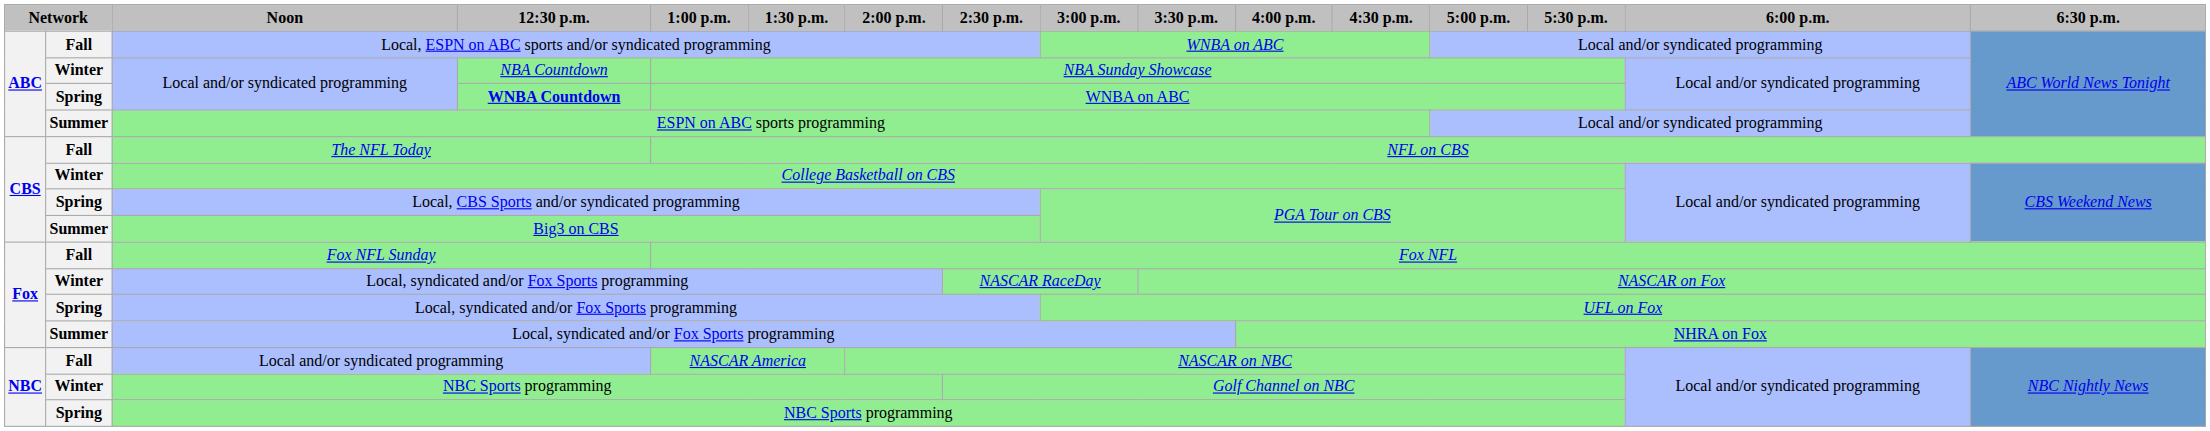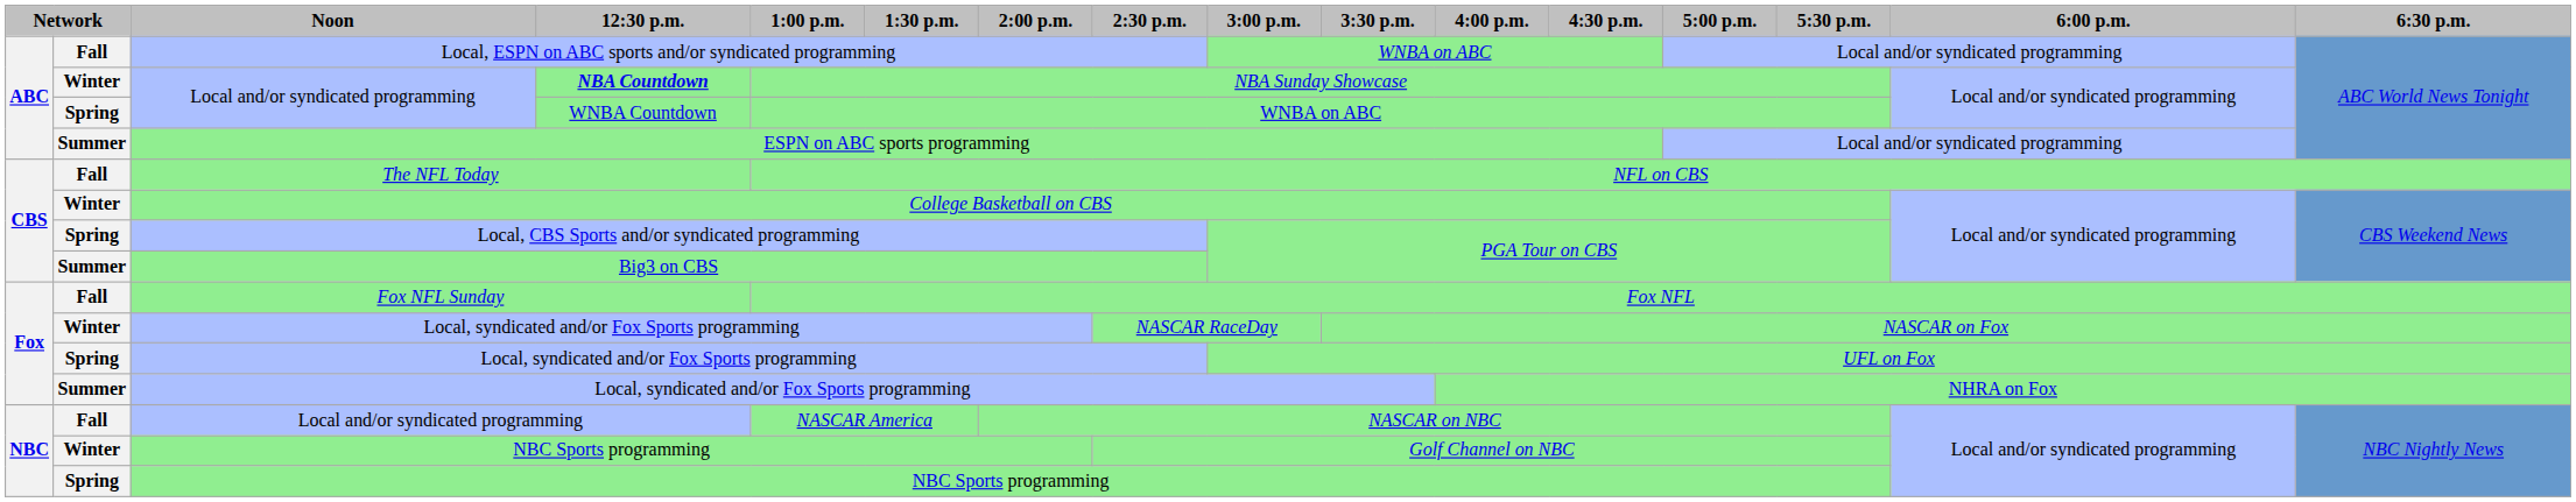 <table class="wikitable" style="width:100%;margin-right:0;font-size:90%;text-align:center">
 <tr>
 <th colspan="2" style="background:#C0C0C0; width:1.5%; text-align:center;">Network</th>
 <th style="background:#C0C0C0; text-align:center;">Noon</th>
 <th style="background:#C0C0C0; text-align:center;">12:30 p.m.</th>
 <th style="background:#C0C0C0; text-align:center;">1:00 p.m.</th>
 <th style="background:#C0C0C0; text-align:center;">1:30 p.m.</th>
 <th style="background:#C0C0C0; text-align:center;">2:00 p.m.</th>
 <th style="background:#C0C0C0; text-align:center;">2:30 p.m.</th>
 <th style="background:#C0C0C0; text-align:center;">3:00 p.m.</th>
 <th style="background:#C0C0C0; text-align:center;">3:30 p.m.</th>
 <th style="background:#C0C0C0; text-align:center;">4:00 p.m.</th>
 <th style="background:#C0C0C0; text-align:center;">4:30 p.m.</th>
 <th style="background:#C0C0C0; text-align:center;">5:00 p.m.</th>
 <th style="background:#C0C0C0; text-align:center;">5:30 p.m.</th>
 <th style="background:#C0C0C0; text-align:center;">6:00 p.m.</th>
 <th style="background:#C0C0C0; text-align:center;">6:30 p.m.</th>
 </tr>
 <tr>
 <th rowspan="4"><a href='#'>ABC</a></th>
 <th>Fall</th>
 <td colspan="6" style="background:#abbfff;">Local, <a href='#'>ESPN on ABC</a> sports and/or syndicated programming</td>
 <td colspan="4" style="background:lightgreen;"><em><a href='#'>WNBA on ABC</a></em></td>
 <td colspan="3" style="background:#abbfff;">Local and/or syndicated programming</td>
 <td rowspan="4" style="background: #6699CC;"><em><a href='#'>ABC World News Tonight</a></em></td>
 </tr>
 <tr>
 <th>Winter</th>
 <td rowspan="2" style="background:#abbfff;">Local and/or syndicated programming</td>
-<td style="background:lightgreen;"><em><a href='#'>NBA Countdown</a></em></td>
+<td style="background:lightgreen;"><strong><em><a href='#'>NBA Countdown</a></em></strong></td>
 <td colspan="10" style="background:lightgreen;"><em><a href='#'>NBA Sunday Showcase</a></em></td>
 <td rowspan="2" style="background:#abbfff;">Local and/or syndicated programming</td>
 </tr>
 <tr>
 <th>Spring</th>
-<td style="background:lightgreen;"><strong><a href='#'>WNBA Countdown</a></strong></td>
+<td style="background:lightgreen;"><a href='#'>WNBA Countdown</a></td>
 <td colspan="10" style="background:lightgreen;"><a href='#'>WNBA on ABC</a></td>
 </tr>
 <tr>
 <th>Summer</th>
 <td colspan="10" style="background:lightgreen;"><a href='#'>ESPN on ABC</a> sports programming</td>
 <td colspan="3" style="background:#abbfff;">Local and/or syndicated programming</td>
 </tr>
 <tr>
 <th rowspan="4"><a href='#'>CBS</a></th>
 <th>Fall</th>
 <td colspan="2" style="background:lightgreen;"><em><a href='#'>The NFL Today</a></em></td>
 <td colspan="12" style="background:lightgreen;"><em><a href='#'>NFL on CBS</a></em> </td>
 </tr>
 <tr>
 <th>Winter</th>
 <td colspan="12" style="background:lightgreen;"><em><a href='#'>College Basketball on CBS</a></em></td>
 <td rowspan="3" style="background:#abbfff;">Local and/or syndicated programming</td>
 <td rowspan="3" style="background: #6699CC;"><em><a href='#'>CBS Weekend News</a></em></td>
 </tr>
 <tr>
 <th>Spring</th>
 <td colspan="6" style="background:#abbfff;">Local, <a href='#'>CBS Sports</a> and/or syndicated programming</td>
 <td colspan="6" rowspan="2" style="background:lightgreen;"><em><a href='#'>PGA Tour on CBS</a></em></td>
 </tr>
 <tr>
 <th>Summer</th>
 <td colspan="6" style="background:lightgreen;"><a href='#'>Big3 on CBS</a></td>
 </tr>
 <tr>
 <th rowspan="4"><a href='#'>Fox</a></th>
 <th>Fall</th>
 <td colspan="2" style="background:lightgreen;"><em><a href='#'>Fox NFL Sunday</a></em></td>
 <td colspan="12" style="background:lightgreen;"><em><a href='#'>Fox NFL</a></em> </td>
 </tr>
 <tr>
 <th>Winter</th>
 <td colspan="5" style="background:#abbfff;">Local, syndicated and/or <a href='#'>Fox Sports</a> programming</td>
 <td colspan="2" style="background:lightgreen;"><em><a href='#'>NASCAR RaceDay</a></em></td>
 <td colspan="7" style="background:lightgreen;"><em><a href='#'>NASCAR on Fox</a></em></td>
 </tr>
 <tr>
 <th>Spring</th>
 <td colspan="6" style="background:#abbfff;">Local, syndicated and/or <a href='#'>Fox Sports</a> programming</td>
 <td colspan="8" style="background:lightgreen;"><em><a href='#'>UFL on Fox</a></em></td>
 </tr>
 <tr>
 <th>Summer</th>
 <td colspan="8" style="background:#abbfff;">Local, syndicated and/or <a href='#'>Fox Sports</a> programming</td>
 <td colspan="6" style="background:lightgreen;"><a href='#'>NHRA on Fox</a></td>
 </tr>
 <tr>
 <th rowspan="3"><a href='#'>NBC</a></th>
 <th>Fall</th>
 <td colspan="2" style="background:#abbfff;">Local and/or syndicated programming</td>
 <td colspan="2" style="background:lightgreen;"><em><a href='#'>NASCAR America</a></em></td>
 <td colspan="8" style="background:lightgreen;"><em><a href='#'>NASCAR on NBC</a></em></td>
 <td rowspan="3" style="background:#abbfff;">Local and/or syndicated programming</td>
 <td rowspan="3" style="background:#6699CC;"><em><a href='#'>NBC Nightly News</a></em></td>
 </tr>
 <tr>
 <th>Winter</th>
 <td colspan="5" style="background:lightgreen;"><a href='#'>NBC Sports</a> programming</td>
 <td colspan="7" style="background:lightgreen;"><em><a href='#'>Golf Channel on NBC</a></em></td>
 </tr>
 <tr>
 <th>Spring</th>
 <td colspan="12" style="background:lightgreen;"><a href='#'>NBC Sports</a> programming</td>
 </tr>
 </table>
